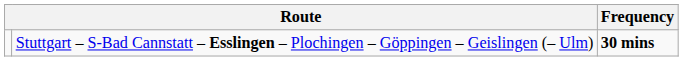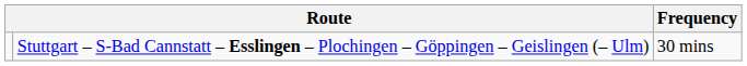 <table class="wikitable">
 <tr>
 <th colspan="2">Route</th>
 <th>Frequency</th>
 </tr>
 <tr>
 <td align="center"></td>
 <td><a href='#'>Stuttgart</a> – <a href='#'>S-Bad Cannstatt</a> – <strong>Esslingen</strong> – <a href='#'>Plochingen</a> – <a href='#'>Göppingen</a> – <a href='#'>Geislingen</a> (– <a href='#'>Ulm</a>)</td>
-<td><strong>30 mins</strong></td>
+<td>30 mins</td>
 </tr>
 </table>
